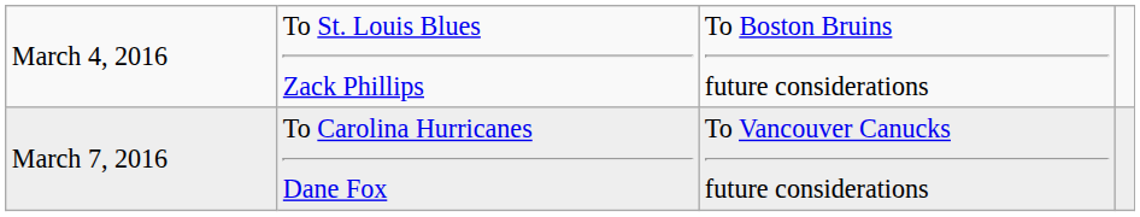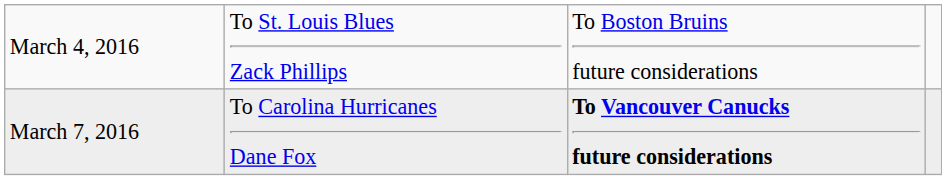 <table class="wikitable" style="border:1px solid #999999; width:680px;">
 <tr>
 <td>March 4, 2016</td>
 <td valign="top">To <a href='#'>St. Louis Blues</a><hr> <a href='#'>Zack Phillips</a></td>
 <td valign="top">To <a href='#'>Boston Bruins</a><hr> future considerations</td>
 <td></td>
 </tr>
 <tr bgcolor="eeeeee">
 <td>March 7, 2016</td>
 <td valign="top">To <a href='#'>Carolina Hurricanes</a><hr> <a href='#'>Dane Fox</a></td>
-<td valign="top">To <a href='#'>Vancouver Canucks</a><hr> future considerations</td>
+<td valign="top"><strong>To <a href='#'>Vancouver Canucks</a><hr> future considerations</strong></td>
 <td></td>
 </tr>
 </table>
